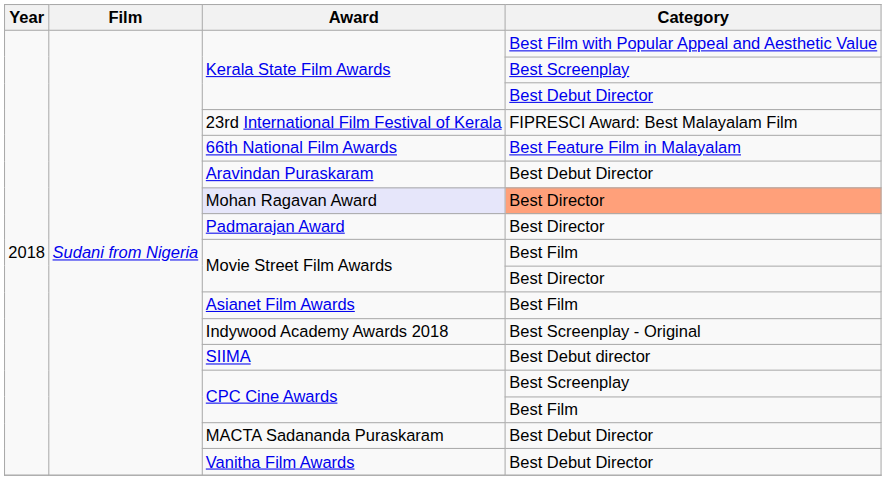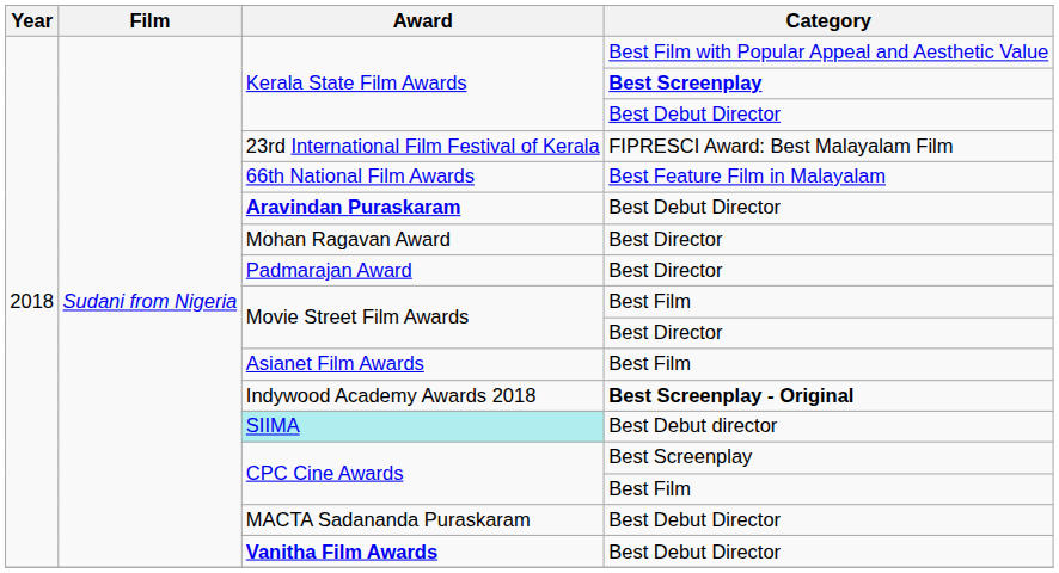 <table class="wikitable">
 <tr>
 <th>Year</th>
 <th>Film</th>
 <th>Award</th>
 <th>Category</th>
 </tr>
 <tr>
 <td rowspan=17>2018</td>
 <td rowspan=17><em><a href='#'>Sudani from Nigeria</a></em></td>
 <td rowspan=3><a href='#'>Kerala State Film Awards</a></td>
 <td><a href='#'>Best Film with Popular Appeal and Aesthetic Value</a></td>
 </tr>
 <tr>
-<td><a href='#'>Best Screenplay</a></td>
+<td><strong><a href='#'>Best Screenplay</a></strong></td>
 </tr>
 <tr>
 <td><a href='#'>Best Debut Director</a></td>
 </tr>
 <tr>
 <td>23rd <a href='#'>International Film Festival of Kerala</a></td>
 <td>FIPRESCI Award: Best Malayalam Film</td>
 </tr>
 <tr>
 <td><a href='#'>66th National Film Awards</a></td>
 <td><a href='#'>Best Feature Film in Malayalam</a></td>
 </tr>
 <tr>
-<td><a href='#'>Aravindan Puraskaram</a></td>
+<td><strong><a href='#'>Aravindan Puraskaram</a></strong></td>
 <td>Best Debut Director</td>
 </tr>
 <tr>
-<td style="background: lavender;">Mohan Ragavan Award</td>
-<td style="background: lightsalmon;">Best Director</td>
+<td>Mohan Ragavan Award</td>
+<td>Best Director</td>
 </tr>
 <tr>
 <td><a href='#'>Padmarajan Award</a></td>
 <td>Best Director</td>
 </tr>
 <tr>
 <td rowspan=2>Movie Street Film Awards</td>
 <td>Best Film</td>
 </tr>
 <tr>
 <td>Best Director</td>
 </tr>
 <tr>
 <td><a href='#'>Asianet Film Awards</a></td>
 <td>Best Film</td>
 </tr>
 <tr>
 <td>Indywood Academy Awards 2018</td>
-<td>Best Screenplay - Original</td>
+<td><strong>Best Screenplay - Original</strong></td>
 </tr>
 <tr>
-<td><a href='#'>SIIMA</a></td>
+<td style="background: paleturquoise;"><a href='#'>SIIMA</a></td>
 <td>Best Debut director</td>
 </tr>
 <tr>
 <td rowspan=2><a href='#'>CPC Cine Awards</a></td>
 <td>Best Screenplay</td>
 </tr>
 <tr>
 <td>Best Film</td>
 </tr>
 <tr>
 <td>MACTA Sadananda Puraskaram</td>
 <td>Best Debut Director</td>
 </tr>
 <tr>
-<td><a href='#'>Vanitha Film Awards</a></td>
+<td><strong><a href='#'>Vanitha Film Awards</a></strong></td>
 <td>Best Debut Director</td>
 </tr>
 <tr>
 </tr>
 </table>
